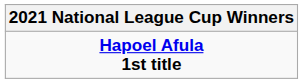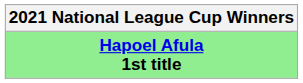 <table class=wikitable style="text-align:center; margin:auto">
 <tr>
 <th>2021 National League Cup Winners</th>
 </tr>
 <tr>
-<td><strong><a href='#'>Hapoel Afula</a></strong> <br> <strong>1st title</strong></td>
+<td style="background: lightgreen;"><strong><a href='#'>Hapoel Afula</a></strong> <br> <strong>1st title</strong></td>
 </tr>
 </table>
